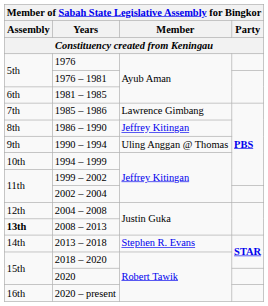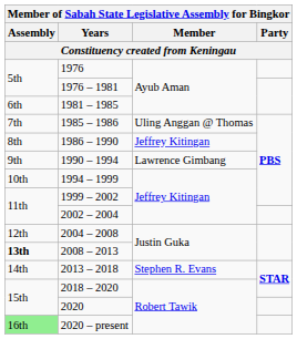 <table class="wikitable">
 <tr>
 <th colspan="4">Member of <a href='#'>Sabah State Legislative Assembly</a> for Bingkor</th>
 </tr>
 <tr>
 <th>Assembly</th>
 <th>Years</th>
 <th>Member</th>
 <th>Party</th>
 </tr>
 <tr>
 <th colspan="4" align="center"><em>Constituency created from Keningau</em></th>
 </tr>
 <tr>
 <td rowspan="2">5th</td>
 <td>1976</td>
 <td rowspan="3">Ayub Aman</td>
 <td></td>
 </tr>
 <tr>
 <td>1976 – 1981</td>
 <td rowspan="2"></td>
 </tr>
 <tr>
 <td>6th</td>
 <td>1981 – 1985</td>
 </tr>
 <tr>
 <td>7th</td>
 <td>1985 – 1986</td>
-<td>Lawrence Gimbang</td>
+<td>Uling Anggan @ Thomas</td>
 <td rowspan="5"><strong><a href='#'>PBS</a></strong></td>
 </tr>
 <tr>
 <td>8th</td>
 <td>1986 – 1990</td>
 <td><a href='#'>Jeffrey Kitingan</a></td>
 </tr>
 <tr>
 <td>9th</td>
 <td>1990 – 1994</td>
-<td>Uling Anggan @ Thomas</td>
+<td>Lawrence Gimbang</td>
 </tr>
 <tr>
 <td>10th</td>
 <td>1994 – 1999</td>
 <td rowspan="3"><a href='#'>Jeffrey Kitingan</a></td>
 </tr>
 <tr>
 <td rowspan="2">11th</td>
 <td>1999 – 2002</td>
 </tr>
 <tr>
 <td>2002 – 2004</td>
 <td></td>
 </tr>
 <tr>
 <td>12th</td>
 <td>2004 – 2008</td>
 <td rowspan="2">Justin Guka</td>
 <td rowspan="2"></td>
 </tr>
 <tr>
 <td><strong>13th</strong></td>
 <td>2008 – 2013</td>
 </tr>
 <tr>
 <td>14th</td>
 <td>2013 – 2018</td>
 <td><a href='#'>Stephen R. Evans</a></td>
 <td rowspan="2"><strong><a href='#'>STAR</a></strong></td>
 </tr>
 <tr>
 <td rowspan="2">15th</td>
 <td>2018 – 2020</td>
 <td rowspan="3"><a href='#'>Robert Tawik</a></td>
 </tr>
 <tr>
 <td>2020</td>
 <td></td>
 </tr>
 <tr>
-<td>16th</td>
+<td style="background: lightgreen;">16th</td>
 <td>2020 – present</td>
 <td></td>
 </tr>
 </table>
